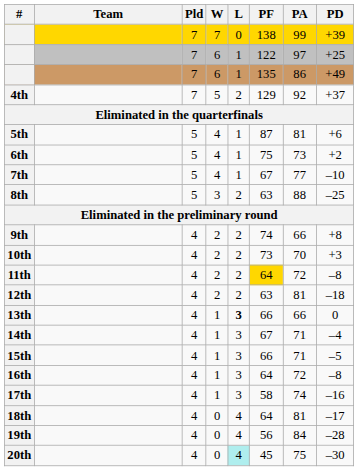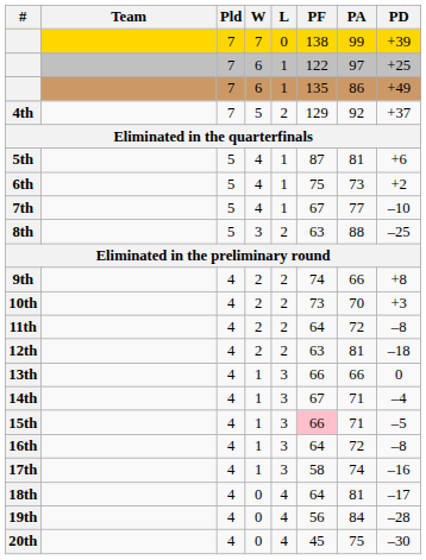 <table class=wikitable style="text-align:center;">
 <tr>
 <th>#</th>
 <th width=180px>Team</th>
 <th width=20px>Pld</th>
 <th width=20px>W</th>
 <th width=20px>L</th>
 <th width=35px>PF</th>
 <th width=35px>PA</th>
 <th width=40px>PD</th>
 </tr>
 <tr bgcolor=gold>
 <th></th>
 <td align=left></td>
 <td>7</td>
 <td>7</td>
 <td>0</td>
 <td>138</td>
 <td>99</td>
 <td>+39</td>
 </tr>
 <tr bgcolor=silver>
 <th></th>
 <td align=left></td>
 <td>7</td>
 <td>6</td>
 <td>1</td>
 <td>122</td>
 <td>97</td>
 <td>+25</td>
 </tr>
 <tr bgcolor=cc9966>
 <th></th>
 <td align=left></td>
 <td>7</td>
 <td>6</td>
 <td>1</td>
 <td>135</td>
 <td>86</td>
 <td>+49</td>
 </tr>
 <tr>
 <th>4th</th>
 <td align=left></td>
 <td>7</td>
 <td>5</td>
 <td>2</td>
 <td>129</td>
 <td>92</td>
 <td>+37</td>
 </tr>
 <tr>
 <th colspan=8>Eliminated in the quarterfinals</th>
 </tr>
 <tr>
 <th>5th</th>
 <td align=left></td>
 <td>5</td>
 <td>4</td>
 <td>1</td>
 <td>87</td>
 <td>81</td>
 <td>+6</td>
 </tr>
 <tr>
 <th>6th</th>
 <td align=left></td>
 <td>5</td>
 <td>4</td>
 <td>1</td>
 <td>75</td>
 <td>73</td>
 <td>+2</td>
 </tr>
 <tr>
 <th>7th</th>
 <td align=left></td>
 <td>5</td>
 <td>4</td>
 <td>1</td>
 <td>67</td>
 <td>77</td>
 <td>–10</td>
 </tr>
 <tr>
 <th>8th</th>
 <td align=left></td>
 <td>5</td>
 <td>3</td>
 <td>2</td>
 <td>63</td>
 <td>88</td>
 <td>–25</td>
 </tr>
 <tr>
 <th colspan=8>Eliminated in the preliminary round</th>
 </tr>
 <tr>
 <th>9th</th>
 <td align=left></td>
 <td>4</td>
 <td>2</td>
 <td>2</td>
 <td>74</td>
 <td>66</td>
 <td>+8</td>
 </tr>
 <tr>
 <th>10th</th>
 <td align=left></td>
 <td>4</td>
 <td>2</td>
 <td>2</td>
 <td>73</td>
 <td>70</td>
 <td>+3</td>
 </tr>
 <tr>
 <th>11th</th>
 <td align=left></td>
 <td>4</td>
 <td>2</td>
 <td>2</td>
-<td style="background: gold;">64</td>
+<td>64</td>
 <td>72</td>
 <td>–8</td>
 </tr>
 <tr>
 <th>12th</th>
 <td align=left></td>
 <td>4</td>
 <td>2</td>
 <td>2</td>
 <td>63</td>
 <td>81</td>
 <td>–18</td>
 </tr>
 <tr>
 <th>13th</th>
 <td align=left></td>
 <td>4</td>
 <td>1</td>
-<td><strong>3</strong></td>
+<td>3</td>
 <td>66</td>
 <td>66</td>
 <td>0</td>
 </tr>
 <tr>
 <th>14th</th>
 <td align=left></td>
 <td>4</td>
 <td>1</td>
 <td>3</td>
 <td>67</td>
 <td>71</td>
 <td>–4</td>
 </tr>
 <tr>
 <th>15th</th>
 <td align=left></td>
 <td>4</td>
 <td>1</td>
 <td>3</td>
-<td>66</td>
+<td style="background: pink;">66</td>
 <td>71</td>
 <td>–5</td>
 </tr>
 <tr>
 <th>16th</th>
 <td align=left></td>
 <td>4</td>
 <td>1</td>
 <td>3</td>
 <td>64</td>
 <td>72</td>
 <td>–8</td>
 </tr>
 <tr>
 <th>17th</th>
 <td align=left></td>
 <td>4</td>
 <td>1</td>
 <td>3</td>
 <td>58</td>
 <td>74</td>
 <td>–16</td>
 </tr>
 <tr>
 <th>18th</th>
 <td align=left></td>
 <td>4</td>
 <td>0</td>
 <td>4</td>
 <td>64</td>
 <td>81</td>
 <td>–17</td>
 </tr>
 <tr>
 <th>19th</th>
 <td align=left></td>
 <td>4</td>
 <td>0</td>
 <td>4</td>
 <td>56</td>
 <td>84</td>
 <td>–28</td>
 </tr>
 <tr>
 <th>20th</th>
 <td align=left></td>
 <td>4</td>
 <td>0</td>
-<td style="background: paleturquoise;">4</td>
+<td>4</td>
 <td>45</td>
 <td>75</td>
 <td>–30</td>
 </tr>
 </table>
